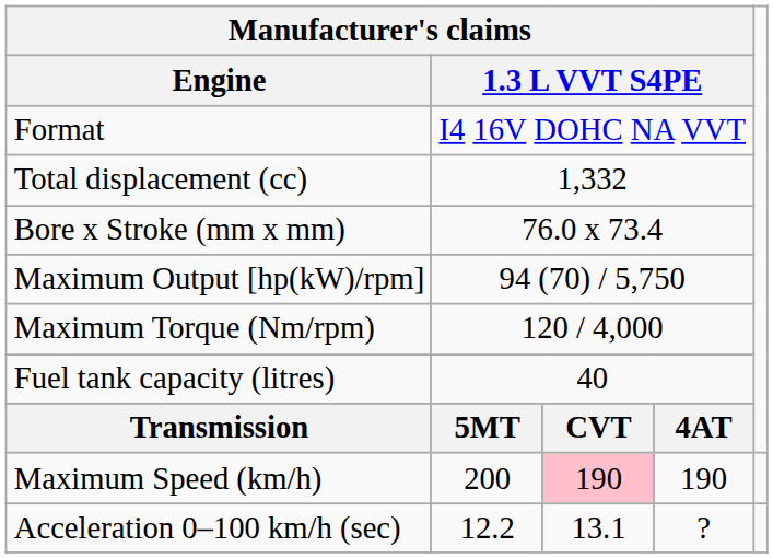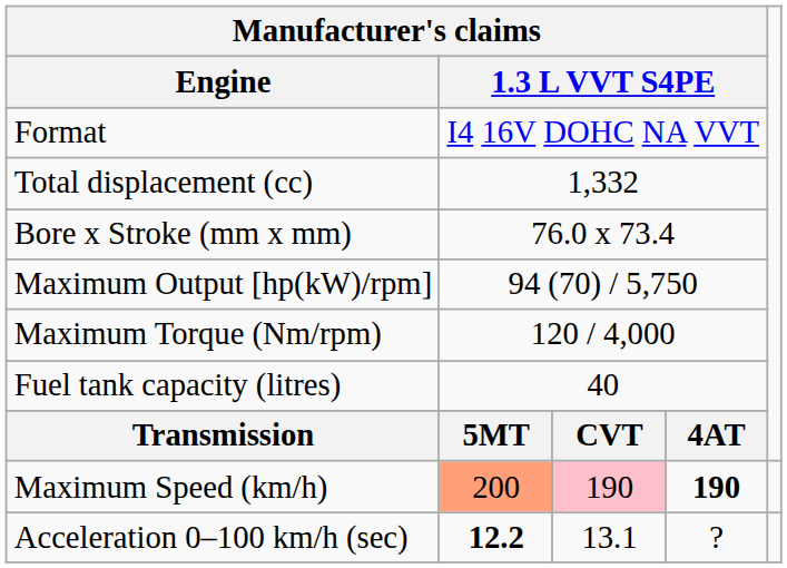 <table class="wikitable" align="right">
 <tr>
 <th colspan="4" align="center">Manufacturer's claims </th>
 </tr>
 <tr>
 <th>Engine</th>
 <th colspan="3"><a href='#'>1.3 L VVT S4PE</a></th>
 </tr>
 <tr>
 <td>Format</td>
 <td colspan="3" align="center"><a href='#'>I4</a> <a href='#'>16V</a> <a href='#'>DOHC</a> <a href='#'>NA</a> <a href='#'>VVT</a></td>
 </tr>
 <tr>
 <td>Total displacement (cc)</td>
 <td colspan="3" align="center">1,332</td>
 </tr>
 <tr>
 <td>Bore x Stroke (mm x mm)</td>
 <td colspan="3" align="center">76.0 x 73.4</td>
 </tr>
 <tr>
 <td>Maximum Output [hp(kW)/rpm]</td>
 <td colspan="3" align="center">94 (70) / 5,750</td>
 </tr>
 <tr>
 <td>Maximum Torque (Nm/rpm)</td>
 <td colspan="3" align="center">120 / 4,000</td>
 </tr>
 <tr>
 <td>Fuel tank capacity (litres)</td>
 <td colspan="3" align="center">40</td>
 </tr>
 <tr>
 <th>Transmission</th>
 <th>5MT</th>
 <th>CVT</th>
 <th>4AT</th>
 </tr>
 <tr>
 <td>Maximum Speed (km/h)</td>
-<td align="center">200</td>
+<td align="center" style="background: lightsalmon;">200</td>
 <td align="center" style="background: pink;">190</td>
-<td align="center">190</td>
+<td align="center"><strong>190</strong></td>
 <td></td>
 </tr>
 <tr>
 <td>Acceleration 0–100 km/h (sec)</td>
-<td align="center">12.2</td>
+<td align="center"><strong>12.2</strong></td>
 <td align="center">13.1</td>
 <td align="center">?</td>
 </tr>
 </table>
